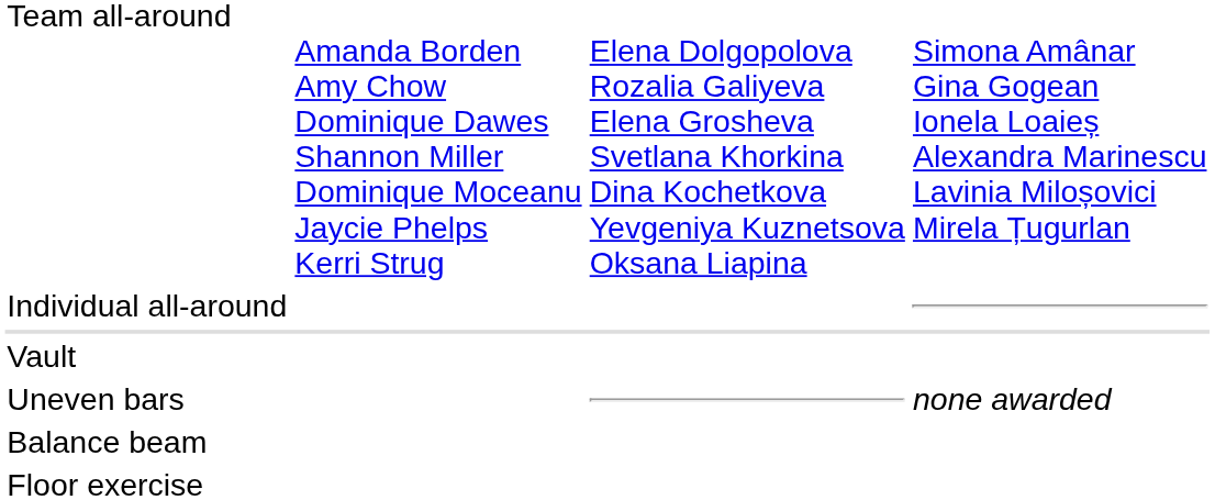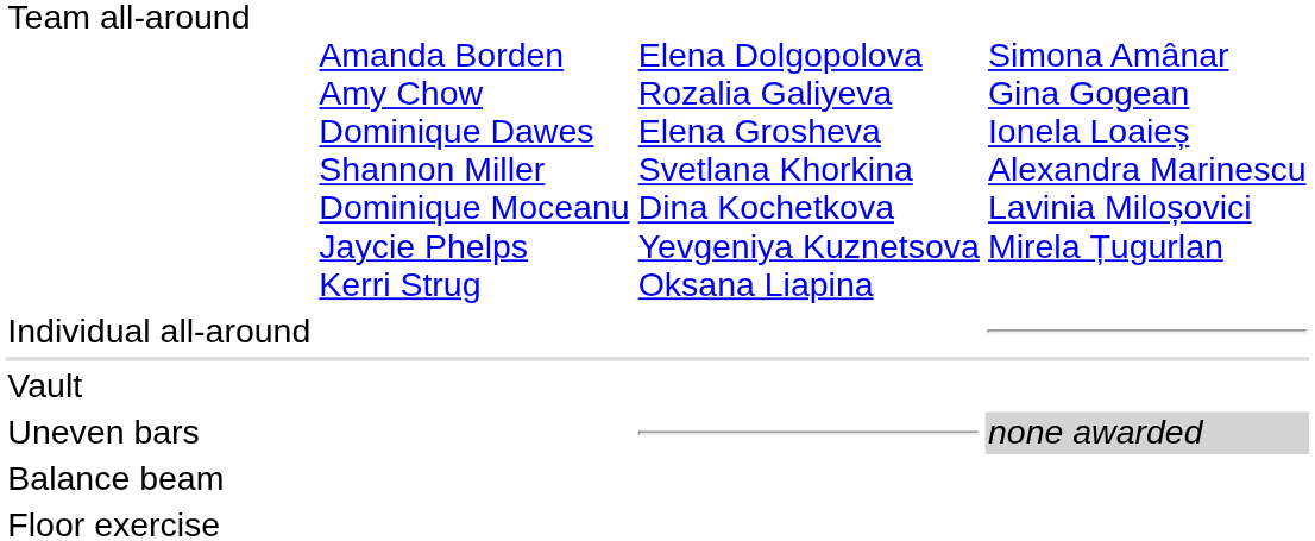 <table>
 <tr valign="top">
 <td>Team all-around<br></td>
 <td><br><a href='#'>Amanda Borden</a><br><a href='#'>Amy Chow</a><br><a href='#'>Dominique Dawes</a><br><a href='#'>Shannon Miller</a><br><a href='#'>Dominique Moceanu</a><br><a href='#'>Jaycie Phelps</a><br><a href='#'>Kerri Strug</a></td>
 <td><br><a href='#'>Elena Dolgopolova</a><br><a href='#'>Rozalia Galiyeva</a><br><a href='#'>Elena Grosheva</a><br><a href='#'>Svetlana Khorkina</a><br><a href='#'>Dina Kochetkova</a><br><a href='#'>Yevgeniya Kuznetsova</a><br><a href='#'>Oksana Liapina</a></td>
 <td><br><a href='#'>Simona Amânar</a><br><a href='#'>Gina Gogean</a><br><a href='#'>Ionela Loaieș</a><br><a href='#'>Alexandra Marinescu</a><br><a href='#'>Lavinia Miloșovici</a><br><a href='#'>Mirela Țugurlan</a></td>
 </tr>
 <tr valign="top">
 <td>Individual all-around<br></td>
 <td></td>
 <td></td>
 <td><hr></td>
 </tr>
 <tr bgcolor=#DDDDDD>
 <td colspan=7></td>
 </tr>
 <tr valign="top">
 <td>Vault<br></td>
 <td></td>
 <td></td>
 <td></td>
 </tr>
 <tr>
 <td valign="top">Uneven bars<br></td>
 <td valign="top"></td>
 <td valign="top"><hr></td>
-<td valign="center"><em>none awarded</em></td>
+<td valign="center" style="background: lightgrey;"><em>none awarded</em></td>
 </tr>
 <tr>
 <td>Balance beam<br></td>
 <td></td>
 <td></td>
 <td></td>
 </tr>
 <tr>
 <td>Floor exercise<br></td>
 <td></td>
 <td></td>
 <td></td>
 </tr>
 </table>
